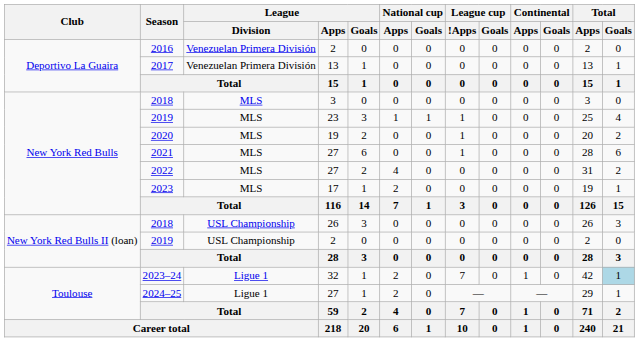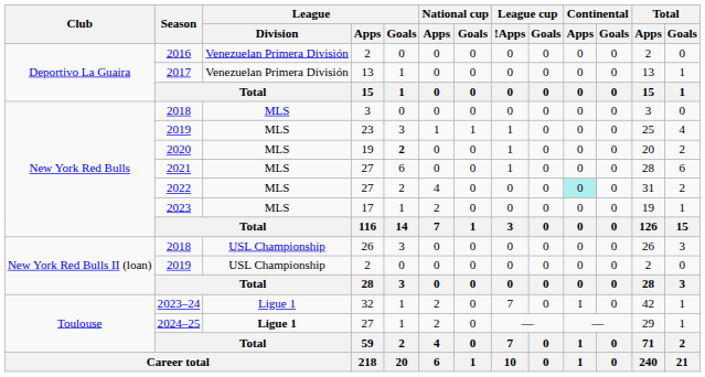 <table class="wikitable" style="text-align:center">
 <tr>
 <th rowspan="2">Club</th>
 <th rowspan="2">Season</th>
 <th colspan="3">League</th>
 <th colspan="2">National cup</th>
 <th colspan="2">League cup</th>
 <th colspan="2">Continental</th>
 <th colspan="2">Total</th>
 </tr>
 <tr>
 <th>Division</th>
 <th>Apps</th>
 <th>Goals</th>
 <th>Apps</th>
 <th>Goals</th>
 <th>!Apps</th>
 <th>Goals</th>
 <th>Apps</th>
 <th>Goals</th>
 <th>Apps</th>
 <th>Goals</th>
 </tr>
 <tr>
 <td rowspan="3"><a href='#'>Deportivo La Guaira</a></td>
 <td><a href='#'>2016</a></td>
 <td><a href='#'>Venezuelan Primera División</a></td>
 <td>2</td>
 <td>0</td>
 <td>0</td>
 <td>0</td>
 <td>0</td>
 <td>0</td>
 <td>0</td>
 <td>0</td>
 <td>2</td>
 <td>0</td>
 </tr>
 <tr>
 <td><a href='#'>2017</a></td>
 <td>Venezuelan Primera División</td>
 <td>13</td>
 <td>1</td>
 <td>0</td>
 <td>0</td>
 <td>0</td>
 <td>0</td>
 <td>0</td>
 <td>0</td>
 <td>13</td>
 <td>1</td>
 </tr>
 <tr>
 <th colspan="2">Total</th>
 <th>15</th>
 <th>1</th>
 <th>0</th>
 <th>0</th>
 <th>0</th>
 <th>0</th>
 <th>0</th>
 <th>0</th>
 <th>15</th>
 <th>1</th>
 </tr>
 <tr>
 <td rowspan="7"><a href='#'>New York Red Bulls</a></td>
 <td><a href='#'>2018</a></td>
 <td><a href='#'>MLS</a></td>
 <td>3</td>
 <td>0</td>
 <td>0</td>
 <td>0</td>
 <td>0</td>
 <td>0</td>
 <td>0</td>
 <td>0</td>
 <td>3</td>
 <td>0</td>
 </tr>
 <tr>
 <td><a href='#'>2019</a></td>
 <td>MLS</td>
 <td>23</td>
 <td>3</td>
 <td>1</td>
 <td>1</td>
 <td>1</td>
 <td>0</td>
 <td>0</td>
 <td>0</td>
 <td>25</td>
 <td>4</td>
 </tr>
 <tr>
 <td><a href='#'>2020</a></td>
 <td>MLS</td>
 <td>19</td>
-<td>2</td>
+<td><strong>2</strong></td>
 <td>0</td>
 <td>0</td>
 <td>1</td>
 <td>0</td>
 <td>0</td>
 <td>0</td>
 <td>20</td>
 <td>2</td>
 </tr>
 <tr>
 <td><a href='#'>2021</a></td>
 <td>MLS</td>
 <td>27</td>
 <td>6</td>
 <td>0</td>
 <td>0</td>
 <td>1</td>
 <td>0</td>
 <td>0</td>
 <td>0</td>
 <td>28</td>
 <td>6</td>
 </tr>
 <tr>
 <td><a href='#'>2022</a></td>
 <td>MLS</td>
 <td>27</td>
 <td>2</td>
 <td>4</td>
 <td>0</td>
 <td>0</td>
 <td>0</td>
-<td>0</td>
+<td style="background: paleturquoise;">0</td>
 <td>0</td>
 <td>31</td>
 <td>2</td>
 </tr>
 <tr>
 <td><a href='#'>2023</a></td>
 <td>MLS</td>
 <td>17</td>
 <td>1</td>
 <td>2</td>
 <td>0</td>
 <td>0</td>
 <td>0</td>
 <td>0</td>
 <td>0</td>
 <td>19</td>
 <td>1</td>
 </tr>
 <tr>
 <th colspan="2">Total</th>
 <th>116</th>
 <th>14</th>
 <th>7</th>
 <th>1</th>
 <th>3</th>
 <th>0</th>
 <th>0</th>
 <th>0</th>
 <th>126</th>
 <th>15</th>
 </tr>
 <tr>
 <td rowspan="3"><a href='#'>New York Red Bulls II</a> (loan)</td>
 <td><a href='#'>2018</a></td>
 <td><a href='#'>USL Championship</a></td>
 <td>26</td>
 <td>3</td>
 <td>0</td>
 <td>0</td>
 <td>0</td>
 <td>0</td>
 <td>0</td>
 <td>0</td>
 <td>26</td>
 <td>3</td>
 </tr>
 <tr>
 <td><a href='#'>2019</a></td>
 <td>USL Championship</td>
 <td>2</td>
 <td>0</td>
 <td>0</td>
 <td>0</td>
 <td>0</td>
 <td>0</td>
 <td>0</td>
 <td>0</td>
 <td>2</td>
 <td>0</td>
 </tr>
 <tr>
 <th colspan="2">Total</th>
 <th>28</th>
 <th>3</th>
 <th>0</th>
 <th>0</th>
 <th>0</th>
 <th>0</th>
 <th>0</th>
 <th>0</th>
 <th>28</th>
 <th>3</th>
 </tr>
 <tr>
 <td rowspan="3"><a href='#'>Toulouse</a></td>
 <td><a href='#'>2023–24</a></td>
 <td><a href='#'>Ligue 1</a></td>
 <td>32</td>
 <td>1</td>
 <td>2</td>
 <td>0</td>
 <td>7</td>
 <td>0</td>
 <td>1</td>
 <td>0</td>
 <td>42</td>
-<td style="background: lightblue;">1</td>
+<td>1</td>
 </tr>
 <tr>
 <td><a href='#'>2024–25</a></td>
-<td>Ligue 1</td>
+<td><strong>Ligue 1</strong></td>
 <td>27</td>
 <td>1</td>
 <td>2</td>
 <td>0</td>
 <td colspan="2">—</td>
 <td colspan="2">—</td>
 <td>29</td>
 <td>1</td>
 </tr>
 <tr>
 <th colspan="2">Total</th>
 <th>59</th>
 <th>2</th>
 <th>4</th>
 <th>0</th>
 <th>7</th>
 <th>0</th>
 <th>1</th>
 <th>0</th>
 <th>71</th>
 <th>2</th>
 </tr>
 <tr>
 <th colspan="3">Career total</th>
 <th>218</th>
 <th>20</th>
 <th>6</th>
 <th>1</th>
 <th>10</th>
 <th>0</th>
 <th>1</th>
 <th>0</th>
 <th>240</th>
 <th>21</th>
 </tr>
 </table>
